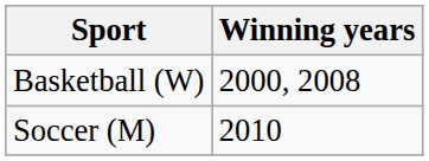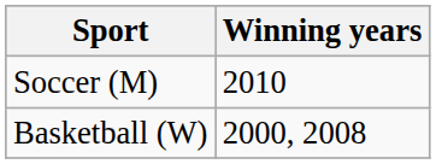 <table class="wikitable">
 <tr>
 <th width=px>Sport</th>
 <th width=px>Winning years</th>
 </tr>
 <tr>
+<td>Soccer (M)</td>
+<td>2010</td>
+</tr>
+<tr>
 <td>Basketball (W)</td>
 <td>2000, 2008</td>
 </tr>
-<tr>
-<td>Soccer (M)</td>
-<td>2010</td>
-</tr>
 </table>
